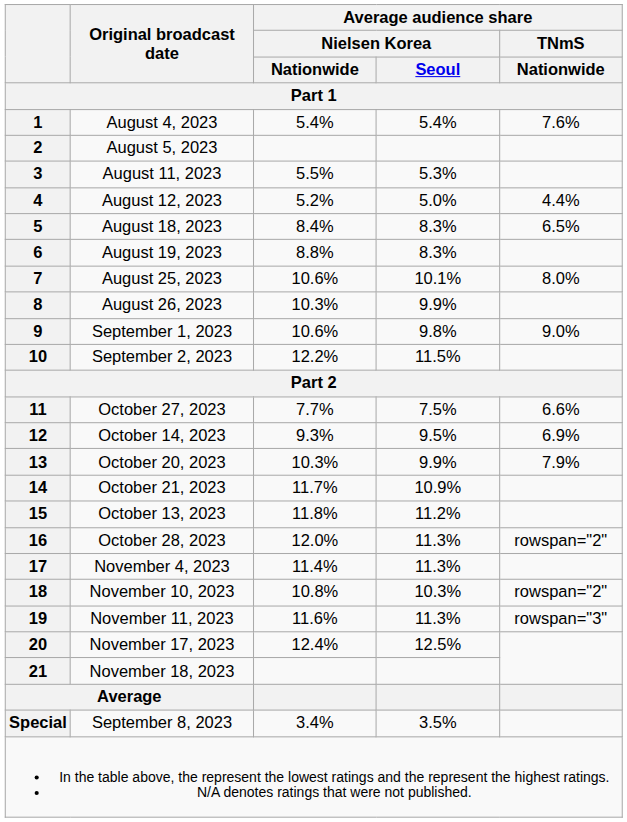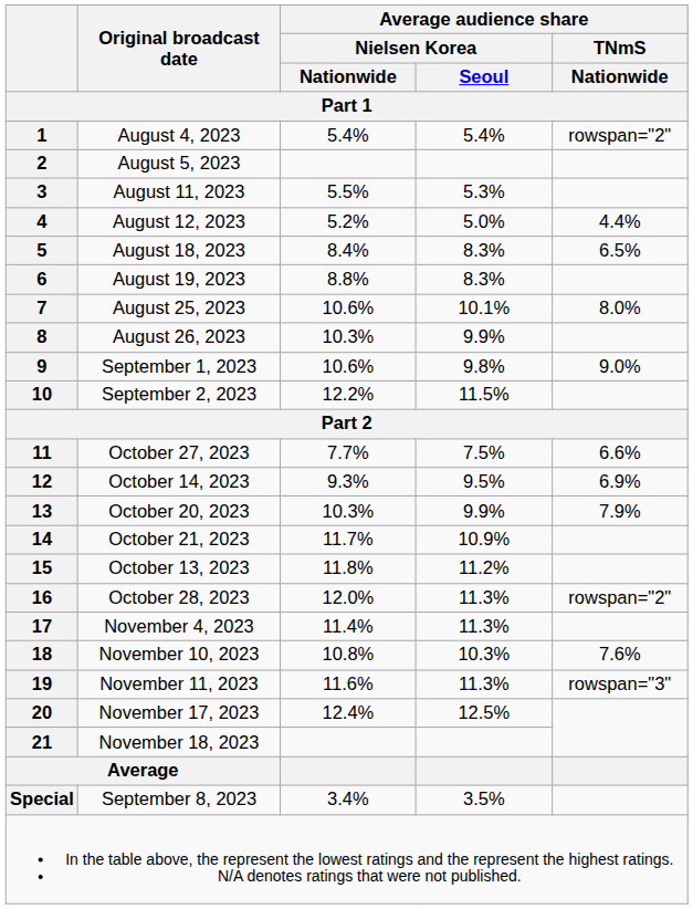 <table class="wikitable" style="text-align:center; max-width:600px; margin-left:auto; margin-right:auto">
 <tr>
 <th scope="col" rowspan="3"></th>
 <th scope="col" rowspan="3">Original broadcast date</th>
 <th scope="col" colspan="3">Average audience share</th>
 </tr>
 <tr>
 <th scope="col" colspan="2">Nielsen Korea</th>
 <th scope="col">TNmS</th>
 </tr>
 <tr>
 <th scope="col" style="width:7em">Nationwide</th>
 <th scope="col" style="width:7em"><a href='#'>Seoul</a></th>
 <th scope="col" style="width:7em">Nationwide</th>
 </tr>
 <tr>
 <th scope="col" colspan="5">Part 1</th>
 </tr>
 <tr>
 <th scope"row">1</th>
 <td>August 4, 2023</td>
 <td>5.4% </td>
 <td>5.4% </td>
-<td>7.6% </td>
+<td>rowspan="2" </td>
 </tr>
 <tr>
 <th scope"row">2</th>
 <td>August 5, 2023</td>
 <td><strong></strong> </td>
 <td><strong></strong> </td>
 </tr>
 <tr>
 <th scope"row">3</th>
 <td>August 11, 2023</td>
 <td>5.5% </td>
 <td>5.3% </td>
 <td><strong></strong> </td>
 </tr>
 <tr>
 <th scope"row">4</th>
 <td>August 12, 2023</td>
 <td>5.2% </td>
 <td>5.0% </td>
 <td>4.4% </td>
 </tr>
 <tr>
 <th scope"row">5</th>
 <td>August 18, 2023</td>
 <td>8.4% </td>
 <td>8.3% </td>
 <td>6.5% </td>
 </tr>
 <tr>
 <th scope"row">6</th>
 <td>August 19, 2023</td>
 <td>8.8% </td>
 <td>8.3% </td>
 <td></td>
 </tr>
 <tr>
 <th scope"row">7</th>
 <td>August 25, 2023</td>
 <td>10.6% </td>
 <td>10.1% </td>
 <td>8.0% </td>
 </tr>
 <tr>
 <th scope"row">8</th>
 <td>August 26, 2023</td>
 <td>10.3% </td>
 <td>9.9% </td>
 <td></td>
 </tr>
 <tr>
 <th scope"row">9</th>
 <td>September 1, 2023</td>
 <td>10.6% </td>
 <td>9.8% </td>
 <td>9.0% </td>
 </tr>
 <tr>
 <th scope"row">10</th>
 <td>September 2, 2023</td>
 <td>12.2% </td>
 <td>11.5% </td>
 <td></td>
 </tr>
 <tr>
 <th scope="col" colspan="5">Part 2</th>
 </tr>
 <tr>
 <th scope="row">11</th>
 <td>October 27, 2023</td>
 <td>7.7% </td>
 <td>7.5% </td>
 <td>6.6% </td>
 </tr>
 <tr>
 <th scope="row">12</th>
 <td>October 14, 2023</td>
 <td>9.3% </td>
 <td>9.5% </td>
 <td>6.9% </td>
 </tr>
 <tr>
 <th scope="row">13</th>
 <td>October 20, 2023</td>
 <td>10.3% </td>
 <td>9.9% </td>
 <td>7.9% </td>
 </tr>
 <tr>
 <th scope="row">14</th>
 <td>October 21, 2023</td>
 <td>11.7% </td>
 <td>10.9% </td>
 <td></td>
 </tr>
 <tr>
 <th scope"row">15</th>
 <td>October 13, 2023</td>
 <td>11.8% </td>
 <td>11.2% </td>
 <td><strong></strong> </td>
 </tr>
 <tr>
 <th scope"row">16</th>
 <td>October 28, 2023</td>
 <td>12.0% </td>
 <td>11.3% </td>
 <td>rowspan="2" </td>
 </tr>
 <tr>
 <th scope"row">17</th>
 <td>November 4, 2023</td>
 <td>11.4% </td>
 <td>11.3% </td>
 </tr>
 <tr>
 <th scope"row">18</th>
 <td>November 10, 2023</td>
 <td>10.8% </td>
 <td>10.3% </td>
-<td>rowspan="2" </td>
+<td>7.6% </td>
 </tr>
 <tr>
 <th scope"row">19</th>
 <td>November 11, 2023</td>
 <td>11.6% </td>
 <td>11.3% </td>
 <td>rowspan="3" </td>
 </tr>
 <tr>
 <th scope"row">20</th>
 <td>November 17, 2023</td>
 <td>12.4% </td>
 <td>12.5% </td>
 </tr>
 <tr>
 <th scope"row">21</th>
 <td>November 18, 2023</td>
 <td><strong></strong> </td>
 <td><strong></strong> </td>
 </tr>
 <tr>
 <th scope="col" colspan="2">Average</th>
 <th scope="col"></th>
 <th scope="col"></th>
 <th scope="col"></th>
 </tr>
 <tr>
 <th scope"row">Special</th>
 <td>September 8, 2023</td>
 <td>3.4% </td>
 <td>3.5% </td>
 <td></td>
 </tr>
 <tr>
 <td colspan="5" style="font-size:85%"><br><ul><li>In the table above, the <strong></strong> represent the lowest ratings and the <strong></strong> represent the highest ratings.</li><li>N/A denotes ratings that were not published.</li></ul></td>
 </tr>
 </table>
